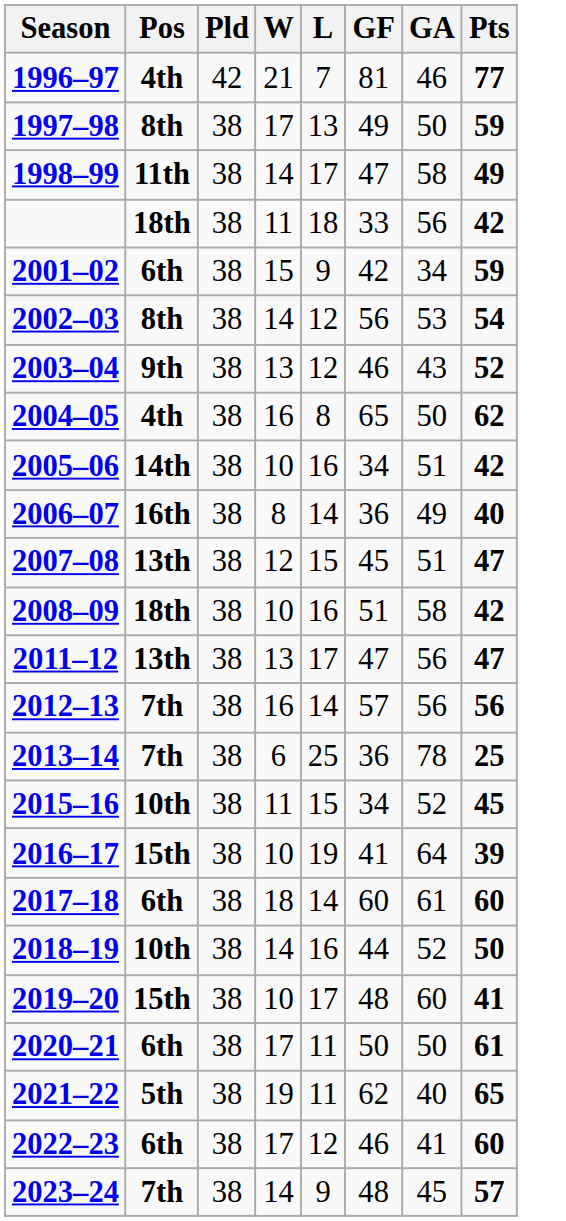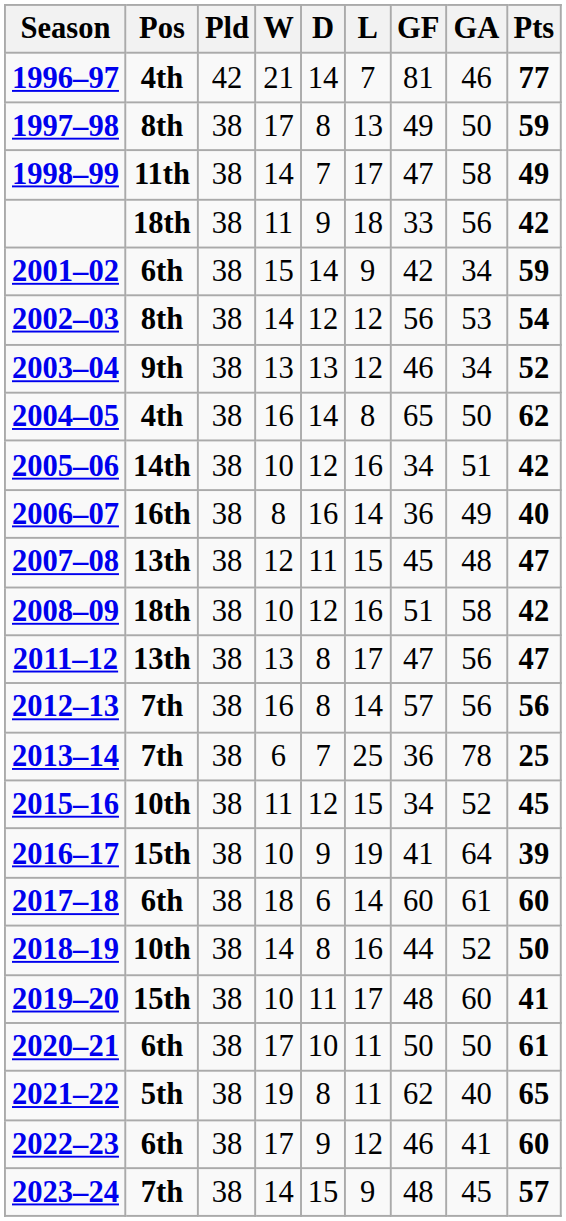 <table class="wikitable" style="align:center; text-align:center">
 <tr>
 <th>Season</th>
 <th>Pos</th>
 <th>Pld</th>
 <th>W</th>
+<th>D</th>
 <th>L</th>
 <th>GF</th>
 <th>GA</th>
 <th>Pts</th>
 </tr>
 <tr>
 <td><strong><a href='#'>1996–97</a></strong></td>
 <td><strong>4th</strong></td>
 <td>42</td>
 <td>21</td>
+<td>14</td>
 <td>7</td>
 <td>81</td>
 <td>46</td>
 <td><strong>77</strong></td>
 </tr>
 <tr>
 <td><strong><a href='#'>1997–98</a></strong></td>
 <td><strong>8th</strong></td>
 <td>38</td>
 <td>17</td>
+<td>8</td>
 <td>13</td>
 <td>49</td>
 <td>50</td>
 <td><strong>59</strong></td>
 </tr>
 <tr>
 <td><strong><a href='#'>1998–99</a></strong></td>
 <td><strong>11th</strong></td>
 <td>38</td>
 <td>14</td>
+<td>7</td>
 <td>17</td>
 <td>47</td>
 <td>58</td>
 <td><strong>49</strong></td>
 </tr>
 <tr>
 <td><strong></strong></td>
 <td><strong>18th</strong></td>
 <td>38</td>
 <td>11</td>
+<td>9</td>
 <td>18</td>
 <td>33</td>
 <td>56</td>
 <td><strong>42</strong></td>
 </tr>
 <tr>
 <td><strong><a href='#'>2001–02</a></strong></td>
 <td><strong>6th</strong></td>
 <td>38</td>
 <td>15</td>
+<td>14</td>
 <td>9</td>
 <td>42</td>
 <td>34</td>
 <td><strong>59</strong></td>
 </tr>
 <tr>
 <td><strong><a href='#'>2002–03</a></strong></td>
 <td><strong>8th</strong></td>
 <td>38</td>
 <td>14</td>
 <td>12</td>
+<td>12</td>
 <td>56</td>
 <td>53</td>
 <td><strong>54</strong></td>
 </tr>
 <tr>
 <td><strong><a href='#'>2003–04</a></strong></td>
 <td><strong>9th</strong></td>
 <td>38</td>
 <td>13</td>
+<td>13</td>
 <td>12</td>
 <td>46</td>
-<td>43</td>
+<td>34</td>
 <td><strong>52</strong></td>
 </tr>
 <tr>
 <td><strong><a href='#'>2004–05</a></strong></td>
 <td><strong>4th</strong></td>
 <td>38</td>
 <td>16</td>
+<td>14</td>
 <td>8</td>
 <td>65</td>
 <td>50</td>
 <td><strong>62</strong></td>
 </tr>
 <tr>
 <td><strong><a href='#'>2005–06</a></strong></td>
 <td><strong>14th</strong></td>
 <td>38</td>
 <td>10</td>
+<td>12</td>
 <td>16</td>
 <td>34</td>
 <td>51</td>
 <td><strong>42</strong></td>
 </tr>
 <tr>
 <td><strong><a href='#'>2006–07</a></strong></td>
 <td><strong>16th</strong></td>
 <td>38</td>
 <td>8</td>
+<td>16</td>
 <td>14</td>
 <td>36</td>
 <td>49</td>
 <td><strong>40</strong></td>
 </tr>
 <tr>
 <td><strong><a href='#'>2007–08</a></strong></td>
 <td><strong>13th</strong></td>
 <td>38</td>
 <td>12</td>
+<td>11</td>
 <td>15</td>
 <td>45</td>
-<td>51</td>
+<td>48</td>
 <td><strong>47</strong></td>
 </tr>
 <tr>
 <td><strong><a href='#'>2008–09</a></strong></td>
 <td><strong>18th</strong></td>
 <td>38</td>
 <td>10</td>
+<td>12</td>
 <td>16</td>
 <td>51</td>
 <td>58</td>
 <td><strong>42</strong></td>
 </tr>
 <tr>
 <td><strong><a href='#'>2011–12</a></strong></td>
 <td><strong>13th</strong></td>
 <td>38</td>
 <td>13</td>
+<td>8</td>
 <td>17</td>
 <td>47</td>
 <td>56</td>
 <td><strong>47</strong></td>
 </tr>
 <tr>
 <td><strong><a href='#'>2012–13</a></strong></td>
 <td><strong>7th</strong></td>
 <td>38</td>
 <td>16</td>
+<td>8</td>
 <td>14</td>
 <td>57</td>
 <td>56</td>
 <td><strong>56</strong></td>
 </tr>
 <tr>
 <td><strong><a href='#'>2013–14</a></strong></td>
 <td><strong>7th</strong></td>
 <td>38</td>
 <td>6</td>
+<td>7</td>
 <td>25</td>
 <td>36</td>
 <td>78</td>
 <td><strong>25</strong></td>
 </tr>
 <tr>
 <td><strong><a href='#'>2015–16</a></strong></td>
 <td><strong>10th</strong></td>
 <td>38</td>
 <td>11</td>
+<td>12</td>
 <td>15</td>
 <td>34</td>
 <td>52</td>
 <td><strong>45</strong></td>
 </tr>
 <tr>
 <td><strong><a href='#'>2016–17</a></strong></td>
 <td><strong>15th</strong></td>
 <td>38</td>
 <td>10</td>
+<td>9</td>
 <td>19</td>
 <td>41</td>
 <td>64</td>
 <td><strong>39</strong></td>
 </tr>
 <tr>
 <td><strong><a href='#'>2017–18</a></strong></td>
 <td><strong>6th</strong></td>
 <td>38</td>
 <td>18</td>
+<td>6</td>
 <td>14</td>
 <td>60</td>
 <td>61</td>
 <td><strong>60</strong></td>
 </tr>
 <tr>
 <td><strong><a href='#'>2018–19</a></strong></td>
 <td><strong>10th</strong></td>
 <td>38</td>
 <td>14</td>
+<td>8</td>
 <td>16</td>
 <td>44</td>
 <td>52</td>
 <td><strong>50</strong></td>
 </tr>
 <tr>
 <td><strong><a href='#'>2019–20</a></strong></td>
 <td><strong>15th</strong></td>
 <td>38</td>
 <td>10</td>
+<td>11</td>
 <td>17</td>
 <td>48</td>
 <td>60</td>
 <td><strong>41</strong></td>
 </tr>
 <tr>
 <td><strong><a href='#'>2020–21</a></strong></td>
 <td><strong>6th</strong></td>
 <td>38</td>
 <td>17</td>
+<td>10</td>
 <td>11</td>
 <td>50</td>
 <td>50</td>
 <td><strong>61</strong></td>
 </tr>
 <tr>
 <td><strong><a href='#'>2021–22</a></strong></td>
 <td><strong>5th</strong></td>
 <td>38</td>
 <td>19</td>
+<td>8</td>
 <td>11</td>
 <td>62</td>
 <td>40</td>
 <td><strong>65</strong></td>
 </tr>
 <tr>
 <td><strong><a href='#'>2022–23</a></strong></td>
 <td><strong>6th</strong></td>
 <td>38</td>
 <td>17</td>
+<td>9</td>
 <td>12</td>
 <td>46</td>
 <td>41</td>
 <td><strong>60</strong></td>
 </tr>
 <tr>
 <td><strong><a href='#'>2023–24</a></strong></td>
 <td><strong>7th</strong></td>
 <td>38</td>
 <td>14</td>
+<td>15</td>
 <td>9</td>
 <td>48</td>
 <td>45</td>
 <td><strong>57</strong></td>
 </tr>
 </table>
